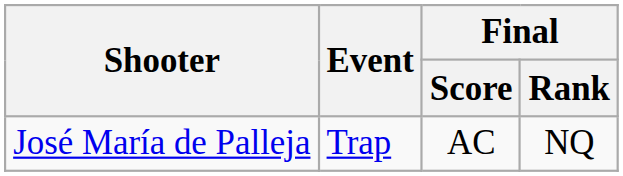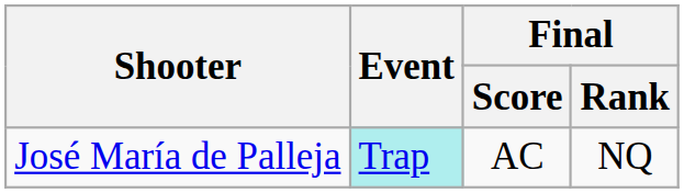 <table class="wikitable" style="text-align:center">
 <tr>
 <th rowspan="2">Shooter</th>
 <th rowspan="2">Event</th>
 <th colspan="2">Final</th>
 </tr>
 <tr>
 <th>Score</th>
 <th>Rank</th>
 </tr>
 <tr>
 <td align=left><a href='#'>José María de Palleja</a></td>
-<td align=left><a href='#'>Trap</a></td>
+<td align=left style="background: paleturquoise;"><a href='#'>Trap</a></td>
 <td>AC</td>
 <td>NQ</td>
 </tr>
 </table>
